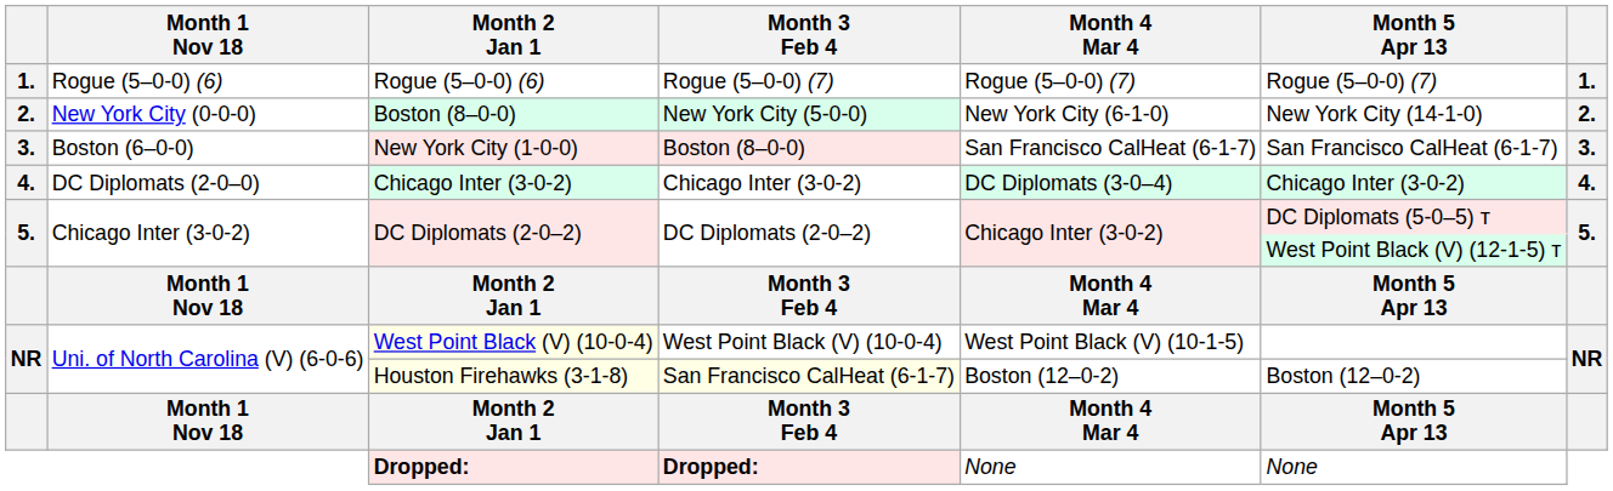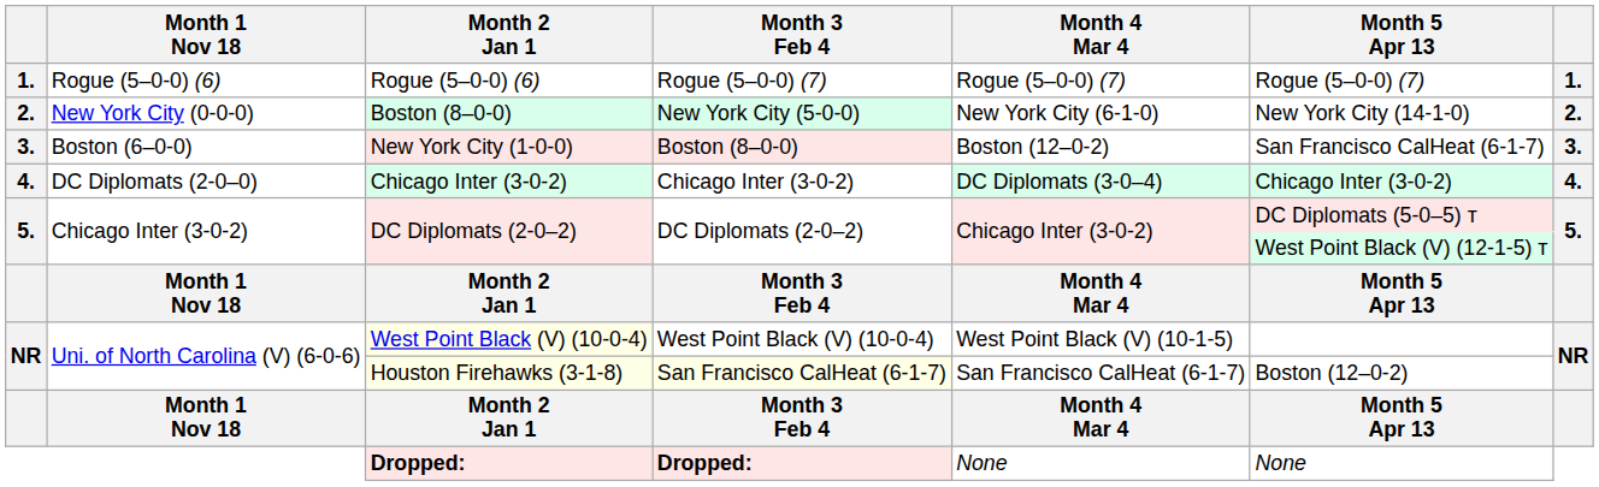 <table class="wikitable" style="font-size:90%; white-space:nowrap;background-color:white">
 <tr>
 <th></th>
 <th>Month 1<br>Nov 18</th>
 <th>Month 2<br>Jan 1</th>
 <th>Month 3<br>Feb 4</th>
 <th>Month 4<br>Mar 4</th>
 <th>Month 5<br>Apr 13</th>
 <th></th>
 </tr>
 <tr>
 <th>1.</th>
 <td>Rogue (5–0-0) <em>(6)</em></td>
 <td>Rogue (5–0-0) <em>(6)</em></td>
 <td>Rogue (5–0-0) <em>(7)</em></td>
 <td>Rogue (5–0-0) <em>(7)</em></td>
 <td>Rogue (5–0-0) <em>(7)</em></td>
 <th>1.</th>
 </tr>
 <tr>
 <th>2.</th>
 <td><a href='#'>New York City</a> (0-0-0)</td>
 <td style="background-color:#D8FFEB">Boston (8–0-0)</td>
 <td style="background-color:#D8FFEB">New York City (5-0-0)</td>
 <td>New York City (6-1-0)</td>
 <td>New York City (14-1-0)</td>
 <th>2.</th>
 </tr>
 <tr>
 <th>3.</th>
 <td>Boston (6–0-0)</td>
 <td style="background-color:#FFE6E6">New York City (1-0-0)</td>
 <td style="background-color:#FFE6E6">Boston (8–0-0)</td>
-<td>San Francisco CalHeat (6-1-7)</td>
+<td>Boston (12–0-2)</td>
 <td>San Francisco CalHeat (6-1-7)</td>
 <th>3.</th>
 </tr>
 <tr>
 <th>4.</th>
 <td>DC Diplomats (2-0–0)</td>
 <td style="background-color:#D8FFEB">Chicago Inter (3-0-2)</td>
 <td>Chicago Inter (3-0-2)</td>
 <td style="background-color:#D8FFEB">DC Diplomats (3-0–4)</td>
 <td style="background-color:#D8FFEB">Chicago Inter (3-0-2)</td>
 <th>4.</th>
 </tr>
 <tr>
 <th rowspan="2">5.</th>
 <td rowspan="2">Chicago Inter (3-0-2)</td>
 <td rowspan="2" style="background-color:#FFE6E6">DC Diplomats (2-0–2)</td>
 <td rowspan="2">DC Diplomats (2-0–2)</td>
 <td rowspan="2" style="background-color:#FFE6E6">Chicago Inter (3-0-2)</td>
 <td style="background-color:#FFE6E6;border-bottom:1px solid #FFE6E6">DC Diplomats (5-0–5) т</td>
 <th rowspan="2">5.</th>
 </tr>
 <tr>
 <td style="background-color:#D8FFEB">West Point Black (V) (12-1-5) т</td>
 </tr>
 <tr>
 <th></th>
 <th>Month 1<br>Nov 18</th>
 <th>Month 2<br>Jan 1</th>
 <th>Month 3<br>Feb 4</th>
 <th>Month 4<br>Mar 4</th>
 <th>Month 5<br>Apr 13</th>
 <th></th>
 </tr>
 <tr>
 <th rowspan="2">NR</th>
 <td rowspan=2><a href='#'>Uni. of North Carolina</a> (V) (6-0-6)</td>
 <td style="background-color:#FFFFE6"><a href='#'>West Point Black</a> (V) (10-0-4)</td>
 <td>West Point Black (V) (10-0-4)</td>
 <td>West Point Black (V) (10-1-5)</td>
 <td></td>
 <th rowspan="2">NR</th>
 </tr>
 <tr>
 <td style="background-color:#FFFFE6">Houston Firehawks (3-1-8)</td>
 <td style="background-color:#FFFFE6">San Francisco CalHeat (6-1-7)</td>
-<td>Boston (12–0-2)</td>
+<td>San Francisco CalHeat (6-1-7)</td>
 <td>Boston (12–0-2)</td>
 </tr>
 <tr>
 <th></th>
 <th>Month 1<br>Nov 18</th>
 <th>Month 2<br>Jan 1</th>
 <th>Month 3<br>Feb 4</th>
 <th>Month 4<br>Mar 4</th>
 <th>Month 5<br>Apr 13</th>
 <th></th>
 </tr>
 <tr>
 <td colspan="2"  style="background:transparent;border-bottom-style:hidden;border-left-style:hidden"></td>
 <td style="vertical-align:top;background-color:#FFE6E6"><strong>Dropped:</strong><br></td>
 <td style="vertical-align:top;background-color:#FFE6E6"><strong>Dropped:</strong><br></td>
 <td style="vertical-align:top;background-color:#FFFFFF"><em>None</em></td>
 <td style="vertical-align:top;background-color:#FFFFFF"><em>None</em></td>
 <td style="background:transparent;border-bottom-style:hidden;border-right-style:hidden"></td>
 </tr>
 </table>
